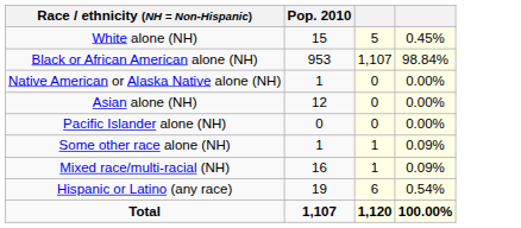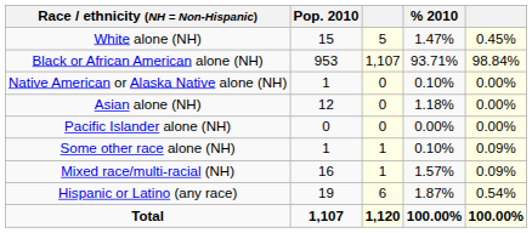 <table class="wikitable" style="text-align:center;">
 <tr>
 <th>Race / ethnicity <small>(<em>NH = Non-Hispanic</em>)</small></th>
 <th>Pop. 2010</th>
 <th></th>
+<th>% 2010</th>
 <th></th>
 </tr>
 <tr>
 <td><a href='#'>White</a> alone (NH)</td>
 <td>15</td>
 <td style='background: #ffffe6;'>5</td>
+<td>1.47%</td>
 <td style='background: #ffffe6;'>0.45%</td>
 </tr>
 <tr>
 <td><a href='#'>Black or African American</a> alone (NH)</td>
 <td>953</td>
 <td style='background: #ffffe6;'>1,107</td>
+<td>93.71%</td>
 <td style='background: #ffffe6;'>98.84%</td>
 </tr>
 <tr>
 <td><a href='#'>Native American</a> or <a href='#'>Alaska Native</a> alone (NH)</td>
 <td>1</td>
 <td style='background: #ffffe6;'>0</td>
+<td>0.10%</td>
 <td style='background: #ffffe6;'>0.00%</td>
 </tr>
 <tr>
 <td><a href='#'>Asian</a> alone (NH)</td>
 <td>12</td>
 <td style='background: #ffffe6;'>0</td>
+<td>1.18%</td>
 <td style='background: #ffffe6;'>0.00%</td>
 </tr>
 <tr>
 <td><a href='#'>Pacific Islander</a> alone (NH)</td>
 <td>0</td>
 <td style='background: #ffffe6;'>0</td>
+<td>0.00%</td>
 <td style='background: #ffffe6;'>0.00%</td>
 </tr>
 <tr>
 <td><a href='#'>Some other race</a> alone (NH)</td>
 <td>1</td>
 <td style='background: #ffffe6;'>1</td>
+<td>0.10%</td>
 <td style='background: #ffffe6;'>0.09%</td>
 </tr>
 <tr>
 <td><a href='#'>Mixed race/multi-racial</a> (NH)</td>
 <td>16</td>
 <td style='background: #ffffe6;'>1</td>
+<td>1.57%</td>
 <td style='background: #ffffe6;'>0.09%</td>
 </tr>
 <tr>
 <td><a href='#'>Hispanic or Latino</a> (any race)</td>
 <td>19</td>
 <td style='background: #ffffe6;'>6</td>
+<td>1.87%</td>
 <td style='background: #ffffe6;'>0.54%</td>
 </tr>
 <tr>
 <td><strong>Total</strong></td>
 <td><strong>1,107</strong></td>
 <td style='background: #ffffe6;'><strong>1,120</strong></td>
+<td><strong>100.00%</strong></td>
 <td style='background: #ffffe6;'><strong>100.00%</strong></td>
 </tr>
 </table>
